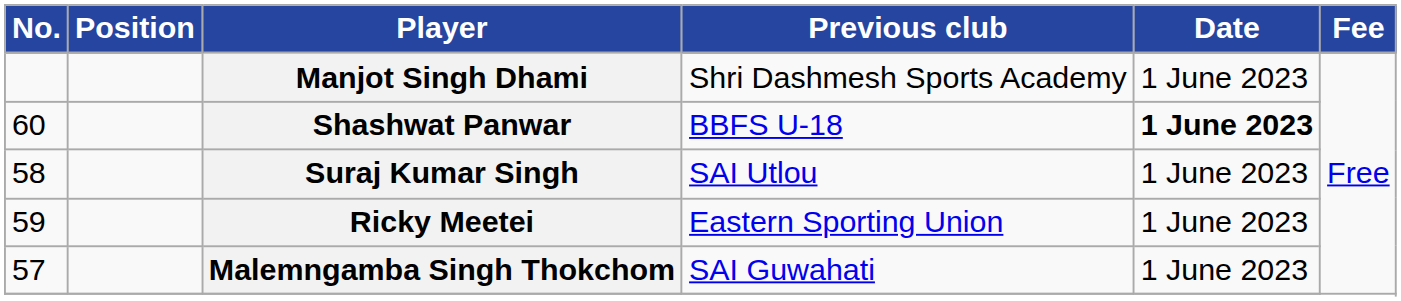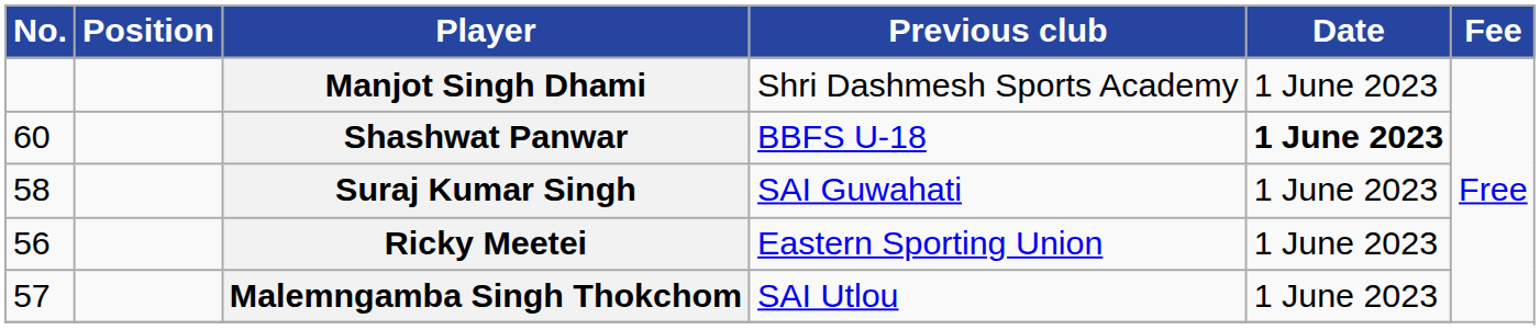 <table class="wikitable plainrowheaders" style="text-align:center; text-align:left">
 <tr>
 <th style="background:#2545A0; color:#FFFFFF; ">No.</th>
 <th scope="col" style="background:#2545A0; color:#FFFFFF; ">Position</th>
 <th scope="col" style="background:#2545A0; color:#FFFFFF; ">Player</th>
 <th scope="col" style="background:#2545A0; color:#FFFFFF; ">Previous club</th>
 <th scope="col" style="background:#2545A0; color:#FFFFFF; ">Date</th>
 <th scope="col" style="background:#2545A0; color:#FFFFFF; ">Fee</th>
 </tr>
 <tr>
 <td></td>
 <td></td>
 <th scope="row"> Manjot Singh Dhami</th>
 <td> Shri Dashmesh Sports Academy</td>
 <td>1 June 2023</td>
 <td rowspan="25"><a href='#'>Free</a></td>
 </tr>
 <tr>
 <td>60</td>
 <td></td>
 <th scope="row"> Shashwat Panwar</th>
 <td> <a href='#'>BBFS U-18</a></td>
 <td><strong>1 June 2023</strong></td>
 </tr>
 <tr>
 <td>58</td>
 <td></td>
 <th scope="row"> Suraj Kumar Singh</th>
-<td> <a href='#'>SAI Utlou</a></td>
+<td> <a href='#'>SAI Guwahati</a></td>
 <td>1 June 2023</td>
 </tr>
 <tr>
-<td>59</td>
+<td>56</td>
 <td></td>
 <th scope="row"> Ricky Meetei</th>
 <td> <a href='#'>Eastern Sporting Union</a></td>
 <td>1 June 2023</td>
 </tr>
 <tr>
 <td>57</td>
 <td></td>
 <th scope="row"> Malemngamba Singh Thokchom</th>
-<td> <a href='#'>SAI Guwahati</a></td>
+<td> <a href='#'>SAI Utlou</a></td>
 <td>1 June 2023</td>
 </tr>
 <tr>
 </tr>
 </table>
